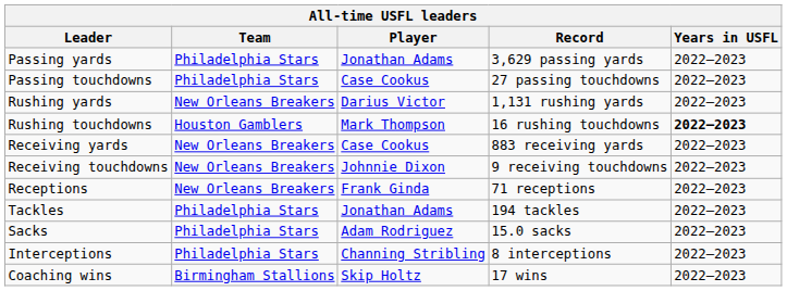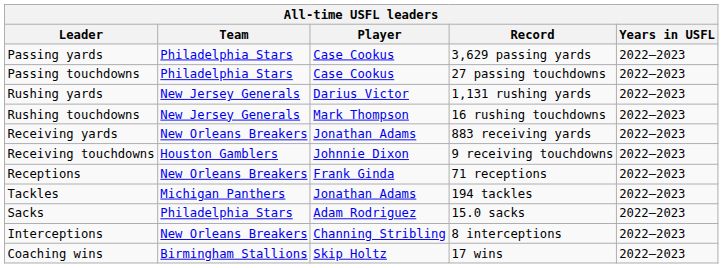 <table class="wikitable">
 <tr>
 <th colspan="6" *>All-time USFL leaders</th>
 </tr>
 <tr>
 <th colspan="1" *>Leader</th>
 <th colspan="1" *>Team</th>
 <th colspan="1" *>Player</th>
 <th colspan="1" *>Record</th>
 <th colspan="1" *>Years in USFL</th>
 </tr>
 <tr>
 <td>Passing yards</td>
 <td><a href='#'>Philadelphia Stars</a></td>
-<td><a href='#'>Jonathan Adams</a></td>
+<td><a href='#'>Case Cookus</a></td>
 <td>3,629 passing yards</td>
 <td>2022–2023</td>
 </tr>
 <tr>
 <td>Passing touchdowns</td>
 <td><a href='#'>Philadelphia Stars</a></td>
 <td><a href='#'>Case Cookus</a></td>
 <td>27 passing touchdowns</td>
 <td>2022–2023</td>
 </tr>
 <tr>
 <td>Rushing yards</td>
-<td><a href='#'>New Orleans Breakers</a></td>
+<td><a href='#'>New Jersey Generals</a></td>
 <td><a href='#'>Darius Victor</a></td>
 <td>1,131 rushing yards</td>
 <td>2022–2023</td>
 </tr>
 <tr>
 <td>Rushing touchdowns</td>
-<td><a href='#'>Houston Gamblers</a></td>
+<td><a href='#'>New Jersey Generals</a></td>
 <td><a href='#'>Mark Thompson</a></td>
 <td>16 rushing touchdowns</td>
-<td><strong>2022–2023</strong></td>
+<td>2022–2023</td>
 </tr>
 <tr>
 <td>Receiving yards</td>
 <td><a href='#'>New Orleans Breakers</a></td>
-<td><a href='#'>Case Cookus</a></td>
+<td><a href='#'>Jonathan Adams</a></td>
 <td>883 receiving yards</td>
 <td>2022–2023</td>
 </tr>
 <tr>
 <td>Receiving touchdowns</td>
-<td><a href='#'>New Orleans Breakers</a></td>
+<td><a href='#'>Houston Gamblers</a></td>
 <td><a href='#'>Johnnie Dixon</a></td>
 <td>9 receiving touchdowns</td>
 <td>2022–2023</td>
 </tr>
 <tr>
 <td>Receptions</td>
 <td><a href='#'>New Orleans Breakers</a></td>
 <td><a href='#'>Frank Ginda</a></td>
 <td>71 receptions</td>
 <td>2022–2023</td>
 </tr>
 <tr>
 <td>Tackles</td>
-<td><a href='#'>Philadelphia Stars</a></td>
+<td><a href='#'>Michigan Panthers</a></td>
 <td><a href='#'>Jonathan Adams</a></td>
 <td>194 tackles</td>
 <td>2022–2023</td>
 </tr>
 <tr>
 <td>Sacks</td>
 <td><a href='#'>Philadelphia Stars</a></td>
 <td><a href='#'>Adam Rodriguez</a></td>
 <td>15.0 sacks</td>
 <td>2022–2023</td>
 </tr>
 <tr>
 <td>Interceptions</td>
-<td><a href='#'>Philadelphia Stars</a></td>
+<td><a href='#'>New Orleans Breakers</a></td>
 <td><a href='#'>Channing Stribling</a></td>
 <td>8 interceptions</td>
 <td>2022–2023</td>
 </tr>
 <tr>
 <td>Coaching wins</td>
 <td><a href='#'>Birmingham Stallions</a></td>
 <td><a href='#'>Skip Holtz</a></td>
 <td>17 wins</td>
 <td>2022–2023</td>
 </tr>
 </table>
